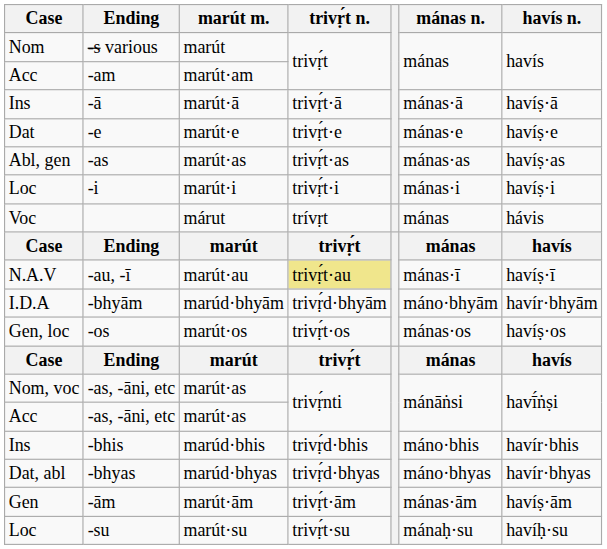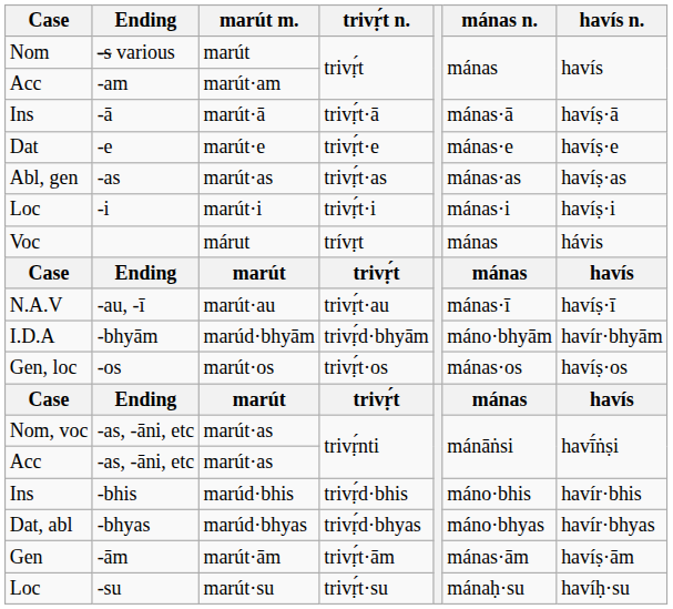 <table class="wikitable">
 <tr>
 <th>Case</th>
 <th>Ending</th>
 <th>marút m.</th>
 <th>trivṛ́t n.</th>
 <th rowspan="7"></th>
 <th>mánas n. </th>
 <th>havís n. </th>
 </tr>
 <tr>
 <td>Nom</td>
 <td><s>-s</s> various</td>
 <td>marút</td>
 <td rowspan=2>trivṛ́t</td>
 <td rowspan=2>mánas</td>
 <td rowspan=2>havís</td>
 </tr>
 <tr>
 <td>Acc</td>
 <td>-am</td>
 <td>marút·am</td>
 </tr>
 <tr>
 <td>Ins</td>
 <td>-ā</td>
 <td>marút·ā</td>
 <td>trivṛ́t·ā</td>
 <td>mánas·ā</td>
 <td>havíṣ·ā</td>
 </tr>
 <tr>
 <td>Dat</td>
 <td>-e</td>
 <td>marút·e</td>
 <td>trivṛ́t·e</td>
 <td>mánas·e</td>
 <td>havíṣ·e</td>
 </tr>
 <tr>
 <td>Abl, gen</td>
 <td>-as</td>
 <td>marút·as</td>
 <td>trivṛ́t·as</td>
 <td>mánas·as</td>
 <td>havíṣ·as</td>
 </tr>
 <tr>
 <td>Loc</td>
 <td>-i</td>
 <td>marút·i</td>
 <td>trivṛ́t·i</td>
 <td>mánas·i</td>
 <td>havíṣ·i</td>
 </tr>
 <tr>
 <td>Voc</td>
 <td></td>
 <td>márut</td>
 <td>trívṛt</td>
 <th></th>
 <td>mánas</td>
 <td>hávis</td>
 </tr>
 <tr>
 <th>Case</th>
 <th>Ending</th>
 <th>marút</th>
 <th>trivṛ́t</th>
 <th rowspan="4"></th>
 <th>mánas</th>
 <th>havís</th>
 </tr>
 <tr>
 <td>N.A.V</td>
 <td>-au, -ī</td>
 <td>marút·au</td>
-<td style="background: khaki;">trivṛ́t·au</td>
+<td>trivṛ́t·au</td>
 <td>mánas·ī</td>
 <td>havíṣ·ī</td>
 </tr>
 <tr>
 <td>I.D.A</td>
 <td>-bhyām</td>
 <td>marúd·bhyām</td>
 <td>trivṛ́d·bhyām</td>
 <td>máno·bhyām</td>
 <td>havír·bhyām</td>
 </tr>
 <tr>
 <td>Gen, loc</td>
 <td>-os</td>
 <td>marút·os</td>
 <td>trivṛ́t·os</td>
 <td>mánas·os</td>
 <td>havíṣ·os</td>
 </tr>
 <tr>
 <th>Case</th>
 <th>Ending</th>
 <th>marút</th>
 <th>trivṛ́t</th>
 <th rowspan="7"></th>
 <th>mánas</th>
 <th>havís</th>
 </tr>
 <tr>
 <td>Nom, voc</td>
 <td>-as, -āni, etc</td>
 <td>marút·as</td>
 <td rowspan=2>trivṛ́nti</td>
 <td rowspan=2>mánāṅsi</td>
 <td rowspan=2>havī́ṅṣi</td>
 </tr>
 <tr>
 <td>Acc</td>
 <td>-as, -āni, etc</td>
 <td>marút·as</td>
 </tr>
 <tr>
 <td>Ins</td>
 <td>-bhis</td>
 <td>marúd·bhis</td>
 <td>trivṛ́d·bhis</td>
 <td>máno·bhis</td>
 <td>havír·bhis</td>
 </tr>
 <tr>
 <td>Dat, abl</td>
 <td>-bhyas</td>
 <td>marúd·bhyas</td>
 <td>trivṛ́d·bhyas</td>
 <td>máno·bhyas</td>
 <td>havír·bhyas</td>
 </tr>
 <tr>
 <td>Gen</td>
 <td>-ām</td>
 <td>marút·ām</td>
 <td>trivṛ́t·ām</td>
 <td>mánas·ām</td>
 <td>havíṣ·ām</td>
 </tr>
 <tr>
 <td>Loc</td>
 <td>-su</td>
 <td>marút·su</td>
 <td>trivṛ́t·su</td>
 <td>mánaḥ·su</td>
 <td>havíḥ·su</td>
 </tr>
 </table>
